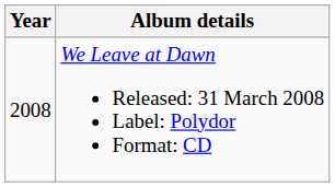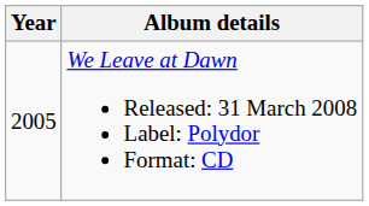 <table class="wikitable plainrowheaders">
 <tr>
 <th scope=col>Year</th>
 <th scope=col>Album details</th>
 </tr>
 <tr>
-<td>2008</td>
+<td>2005</td>
 <td><em><a href='#'>We Leave at Dawn</a></em><br><ul><li>Released: 31 March 2008</li><li>Label: <a href='#'>Polydor</a></li><li>Format: <a href='#'>CD</a></li></ul></td>
 </tr>
 </table>
